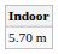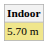 <table class="wikitable" border="1" align="upright">
 <tr>
 <th>Indoor</th>
 </tr>
 <tr>
-<td>5.70 m</td>
+<td style="background: khaki;">5.70 m</td>
 </tr>
 </table>
